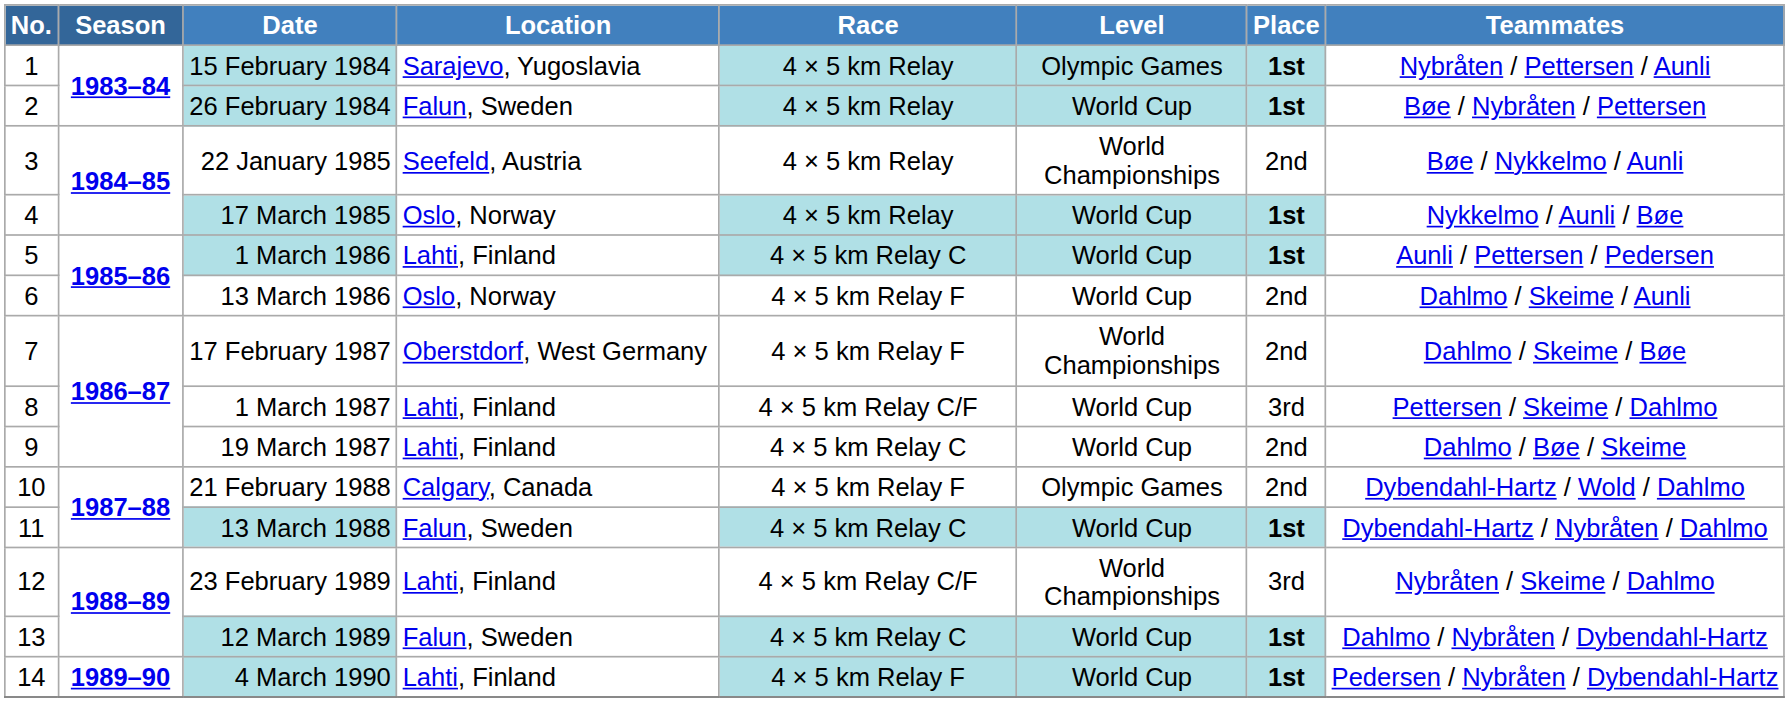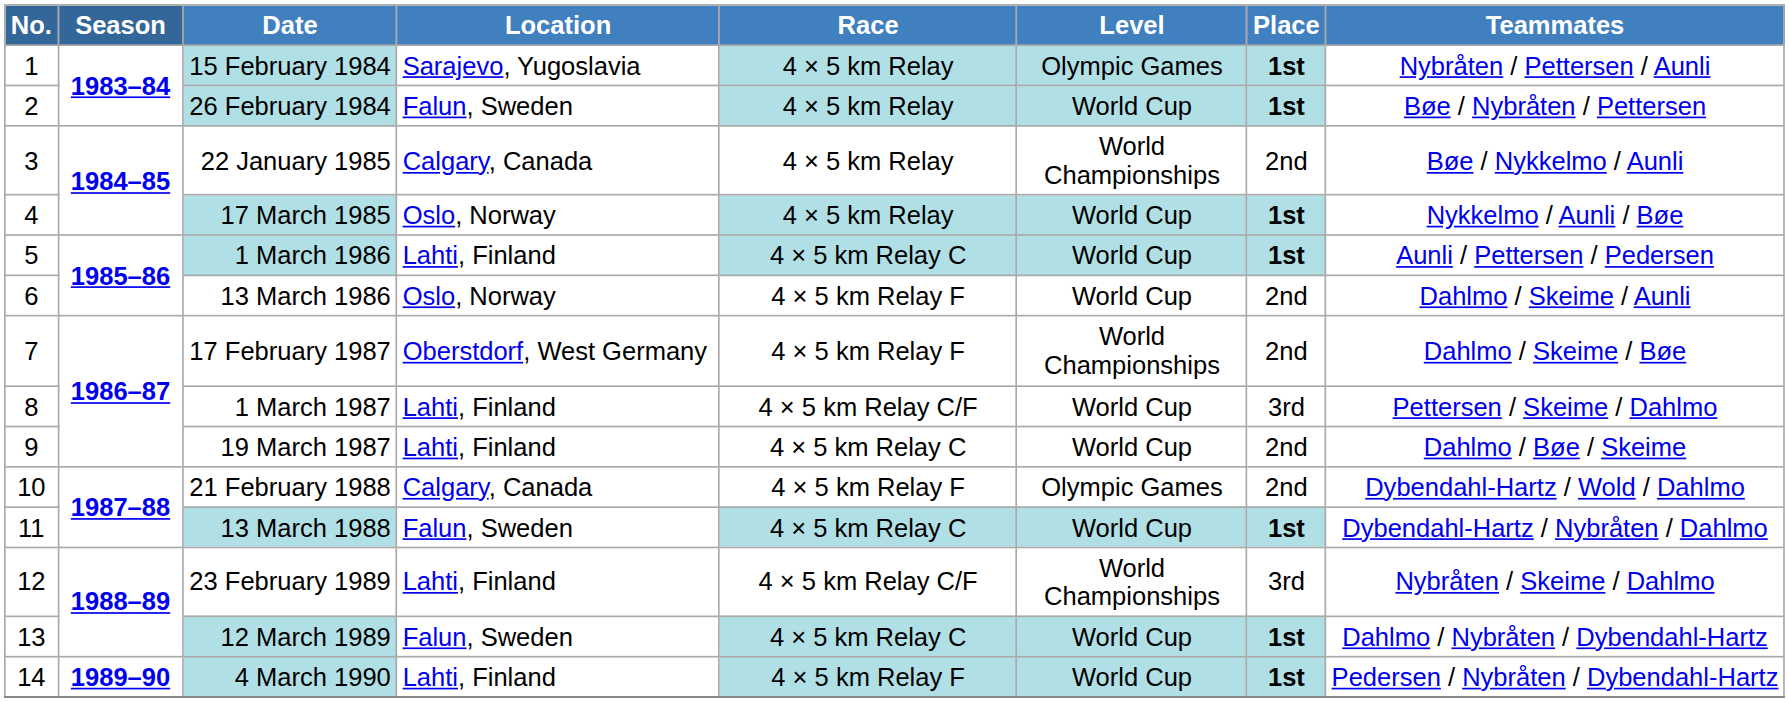 <table class="wikitable sortable" style="font-size:95%; text-align:center; border:grey solid 1px; border-collapse:collapse; background:#ffffff;">
 <tr style="background:#efefef;">
 <th style="background-color:#369; color:white;">No.</th>
 <th style="background-color:#369; color:white;">Season</th>
 <th style="background-color:#4180be; color:white; width:120px;">Date</th>
 <th style="background-color:#4180be; color:white; width:185px;">Location</th>
 <th style="background-color:#4180be; color:white; width:170px;">Race</th>
 <th style="background-color:#4180be; color:white; width:130px;">Level</th>
 <th style="background-color:#4180be; color:white;">Place</th>
 <th style="background-color:#4180be; color:white;">Teammates</th>
 </tr>
 <tr>
 <td align=center>1</td>
 <td rowspan=2 align=center><strong><a href='#'>1983–84</a></strong></td>
 <td bgcolor="#BOEOE6" align=right>15 February 1984</td>
 <td align=left> <a href='#'>Sarajevo</a>, Yugoslavia</td>
 <td bgcolor="#BOEOE6">4 × 5 km Relay</td>
 <td bgcolor="#BOEOE6">Olympic Games</td>
 <td bgcolor="#BOEOE6"><strong>1st</strong></td>
 <td><a href='#'>Nybråten</a> / <a href='#'>Pettersen</a> / <a href='#'>Aunli</a></td>
 </tr>
 <tr>
 <td align=center>2</td>
 <td bgcolor="#BOEOE6" align=right>26 February 1984</td>
 <td align=left> <a href='#'>Falun</a>, Sweden</td>
 <td bgcolor="#BOEOE6">4 × 5 km Relay</td>
 <td bgcolor="#BOEOE6">World Cup</td>
 <td bgcolor="#BOEOE6"><strong>1st</strong></td>
 <td><a href='#'>Bøe</a> / <a href='#'>Nybråten</a> / <a href='#'>Pettersen</a></td>
 </tr>
 <tr>
 <td align=center>3</td>
 <td rowspan=2 align=center><strong> <a href='#'>1984–85</a> </strong></td>
 <td align=right>22 January 1985</td>
-<td align=left> <a href='#'>Seefeld</a>, Austria</td>
+<td align=left> <a href='#'>Calgary</a>, Canada</td>
 <td>4 × 5 km Relay</td>
 <td>World Championships</td>
 <td>2nd</td>
 <td><a href='#'>Bøe</a> / <a href='#'>Nykkelmo</a> / <a href='#'>Aunli</a></td>
 </tr>
 <tr>
 <td align=center>4</td>
 <td bgcolor="#BOEOE6" align=right>17 March 1985</td>
 <td align=left> <a href='#'>Oslo</a>, Norway</td>
 <td bgcolor="#BOEOE6">4 × 5 km Relay</td>
 <td bgcolor="#BOEOE6">World Cup</td>
 <td bgcolor="#BOEOE6"><strong>1st</strong></td>
 <td><a href='#'>Nykkelmo</a> / <a href='#'>Aunli</a> / <a href='#'>Bøe</a></td>
 </tr>
 <tr>
 <td align=center>5</td>
 <td rowspan=2 align=center><strong><a href='#'>1985–86</a></strong></td>
 <td bgcolor="#BOEOE6" align=right>1 March 1986</td>
 <td align=left> <a href='#'>Lahti</a>, Finland</td>
 <td bgcolor="#BOEOE6">4 × 5 km Relay C</td>
 <td bgcolor="#BOEOE6">World Cup</td>
 <td bgcolor="#BOEOE6"><strong>1st</strong></td>
 <td><a href='#'>Aunli</a> / <a href='#'>Pettersen</a> / <a href='#'>Pedersen</a></td>
 </tr>
 <tr>
 <td align=center>6</td>
 <td align=right>13 March 1986</td>
 <td align=left> <a href='#'>Oslo</a>, Norway</td>
 <td>4 × 5 km Relay F</td>
 <td>World Cup</td>
 <td>2nd</td>
 <td><a href='#'>Dahlmo</a> / <a href='#'>Skeime</a> / <a href='#'>Aunli</a></td>
 </tr>
 <tr>
 <td align=center>7</td>
 <td rowspan=3 align=center><strong> <a href='#'>1986–87</a> </strong></td>
 <td align=right>17 February 1987</td>
 <td align=left> <a href='#'>Oberstdorf</a>, West Germany</td>
 <td>4 × 5 km Relay F</td>
 <td>World Championships</td>
 <td>2nd</td>
 <td><a href='#'>Dahlmo</a> / <a href='#'>Skeime</a> / <a href='#'>Bøe</a></td>
 </tr>
 <tr>
 <td align=center>8</td>
 <td align=right>1 March 1987</td>
 <td align=left> <a href='#'>Lahti</a>, Finland</td>
 <td>4 × 5 km Relay C/F</td>
 <td>World Cup</td>
 <td>3rd</td>
 <td><a href='#'>Pettersen</a> / <a href='#'>Skeime</a> / <a href='#'>Dahlmo</a></td>
 </tr>
 <tr>
 <td align=center>9</td>
 <td align=right>19 March 1987</td>
 <td align=left> <a href='#'>Lahti</a>, Finland</td>
 <td>4 × 5 km Relay C</td>
 <td>World Cup</td>
 <td>2nd</td>
 <td><a href='#'>Dahlmo</a> / <a href='#'>Bøe</a> / <a href='#'>Skeime</a></td>
 </tr>
 <tr>
 <td align=center>10</td>
 <td rowspan=2 align=center><strong> <a href='#'>1987–88</a> </strong></td>
 <td align=right>21 February 1988</td>
 <td align=left> <a href='#'>Calgary</a>, Canada</td>
 <td>4 × 5 km Relay F</td>
 <td>Olympic Games</td>
 <td>2nd</td>
 <td><a href='#'>Dybendahl-Hartz</a> / <a href='#'>Wold</a> / <a href='#'>Dahlmo</a></td>
 </tr>
 <tr>
 <td align=center>11</td>
 <td bgcolor="#BOEOE6" align=right>13 March 1988</td>
 <td align=left> <a href='#'>Falun</a>, Sweden</td>
 <td bgcolor="#BOEOE6">4 × 5 km Relay C</td>
 <td bgcolor="#BOEOE6">World Cup</td>
 <td bgcolor="#BOEOE6"><strong>1st</strong></td>
 <td><a href='#'>Dybendahl-Hartz</a> / <a href='#'>Nybråten</a> / <a href='#'>Dahlmo</a></td>
 </tr>
 <tr>
 <td align=center>12</td>
 <td rowspan=2 align=center><strong> <a href='#'>1988–89</a> </strong></td>
 <td align=right>23 February 1989</td>
 <td align=left> <a href='#'>Lahti</a>, Finland</td>
 <td>4 × 5 km Relay C/F</td>
 <td>World Championships</td>
 <td>3rd</td>
 <td><a href='#'>Nybråten</a> / <a href='#'>Skeime</a> / <a href='#'>Dahlmo</a></td>
 </tr>
 <tr>
 <td align=center>13</td>
 <td bgcolor="#BOEOE6" align=right>12 March 1989</td>
 <td align=left> <a href='#'>Falun</a>, Sweden</td>
 <td bgcolor="#BOEOE6">4 × 5 km Relay C</td>
 <td bgcolor="#BOEOE6">World Cup</td>
 <td bgcolor="#BOEOE6"><strong>1st</strong></td>
 <td><a href='#'>Dahlmo</a> / <a href='#'>Nybråten</a> / <a href='#'>Dybendahl-Hartz</a></td>
 </tr>
 <tr>
 <td align=center>14</td>
 <td rowspan=1 align=center><strong><a href='#'>1989–90</a></strong></td>
 <td bgcolor="#BOEOE6" align=right>4 March 1990</td>
 <td align=left> <a href='#'>Lahti</a>, Finland</td>
 <td bgcolor="#BOEOE6">4 × 5 km Relay F</td>
 <td bgcolor="#BOEOE6">World Cup</td>
 <td bgcolor="#BOEOE6"><strong>1st</strong></td>
 <td><a href='#'>Pedersen</a> / <a href='#'>Nybråten</a> / <a href='#'>Dybendahl-Hartz</a></td>
 </tr>
 <tr>
 </tr>
 </table>
